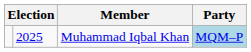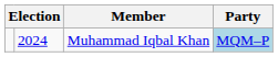 <table class="wikitable">
 <tr>
 <th colspan="2">Election</th>
 <th>Member</th>
 <th>Party</th>
 </tr>
 <tr>
 <td style="background-color: "></td>
-<td><a href='#'>2025</a></td>
+<td><a href='#'>2024</a></td>
 <td><a href='#'>Muhammad Iqbal Khan</a></td>
 <td style="background: lightblue;"><a href='#'>MQM–P</a></td>
 </tr>
 </table>
